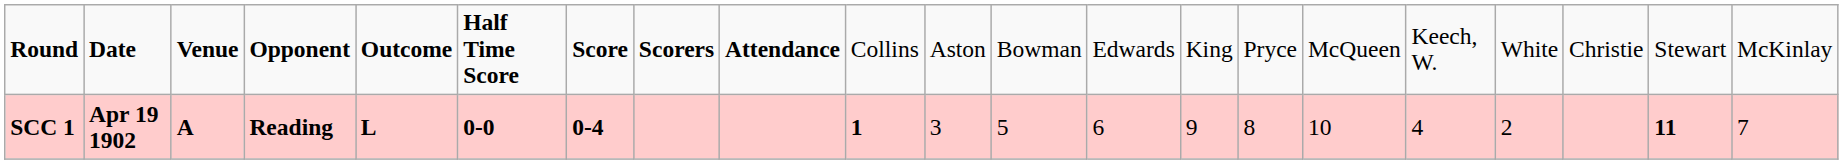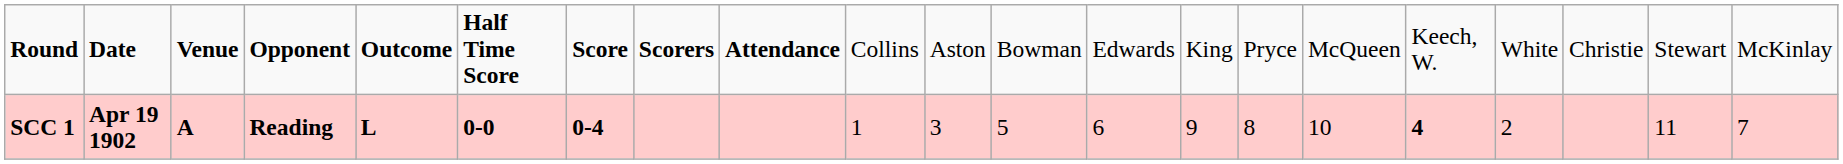 <table class="wikitable">
 <tr>
 <td><strong>Round</strong></td>
 <td><strong>Date</strong></td>
 <td><strong>Venue</strong></td>
 <td><strong>Opponent</strong></td>
 <td><strong>Outcome</strong></td>
 <td><strong>Half Time Score</strong></td>
 <td><strong>Score</strong></td>
 <td><strong>Scorers</strong></td>
 <td><strong>Attendance</strong></td>
 <td>Collins</td>
 <td>Aston</td>
 <td>Bowman</td>
 <td>Edwards</td>
 <td>King</td>
 <td>Pryce</td>
 <td>McQueen</td>
 <td>Keech, W.</td>
 <td>White</td>
 <td>Christie</td>
 <td>Stewart</td>
 <td>McKinlay</td>
 </tr>
 <tr bgcolor="#FFCCCC">
 <td><strong>SCC 1</strong></td>
 <td><strong>Apr 19 1902</strong></td>
 <td><strong>A</strong></td>
 <td><strong>Reading</strong></td>
 <td><strong>L</strong></td>
 <td><strong>0-0</strong></td>
 <td><strong>0-4</strong></td>
 <td></td>
 <td></td>
-<td><strong>1</strong></td>
+<td>1</td>
 <td>3</td>
 <td>5</td>
 <td>6</td>
 <td>9</td>
 <td>8</td>
 <td>10</td>
-<td>4</td>
+<td><strong>4</strong></td>
 <td>2</td>
 <td></td>
-<td><strong>11</strong></td>
+<td>11</td>
 <td>7</td>
 </tr>
 </table>
